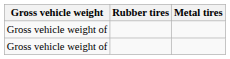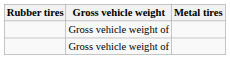 <table class="wikitable" style="text-align:center;">
 <tr>
+<th>Rubber tires</th>
 <th>Gross vehicle weight</th>
-<th>Rubber tires</th>
 <th>Metal tires</th>
 </tr>
 <tr>
+<td></td>
 <td style="text-align: left;">Gross vehicle weight of </td>
-<td></td>
 <td></td>
 </tr>
 <tr>
+<td></td>
 <td style="text-align: left;">Gross vehicle weight of </td>
-<td></td>
 <td></td>
 </tr>
 </table>
